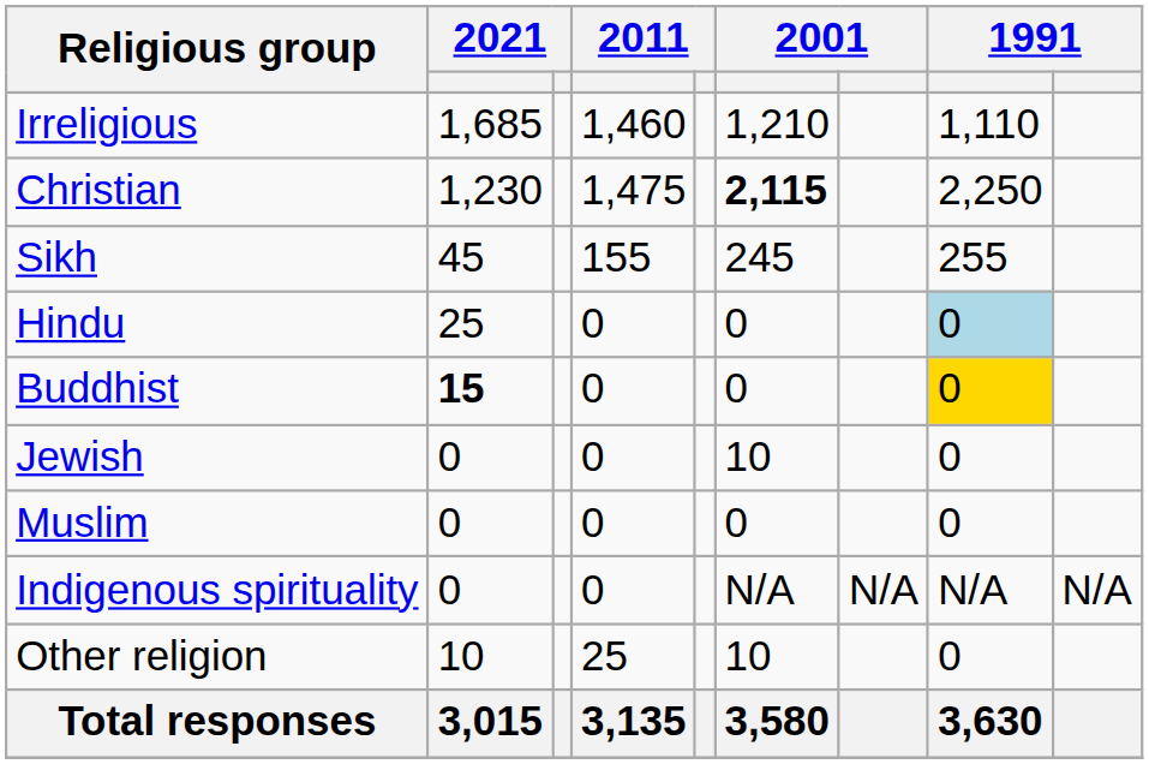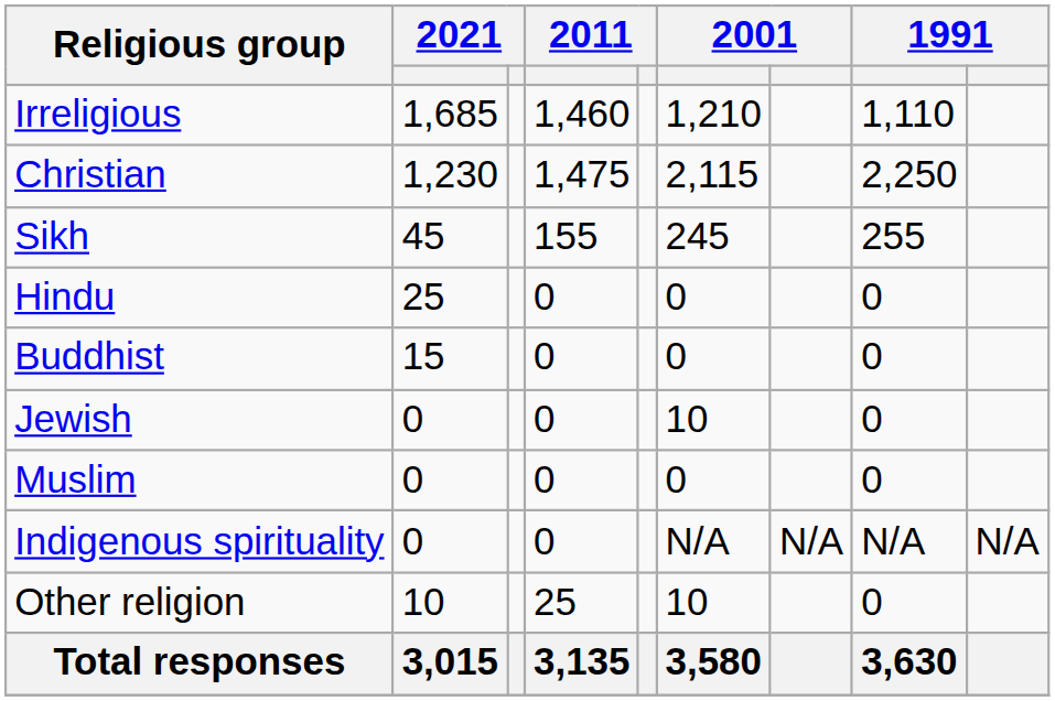 <table class="wikitable collapsible sortable">
 <tr>
 <th rowspan="2">Religious group</th>
 <th colspan="2"><a href='#'>2021</a></th>
 <th colspan="2"><a href='#'>2011</a></th>
 <th colspan="2"><a href='#'>2001</a></th>
 <th colspan="2"><a href='#'>1991</a></th>
 </tr>
 <tr>
 <th><a href='#'></a></th>
 <th></th>
 <th></th>
 <th></th>
 <th></th>
 <th></th>
 <th></th>
 <th></th>
 </tr>
 <tr>
 <td><a href='#'>Irreligious</a></td>
 <td>1,685</td>
 <td></td>
 <td>1,460</td>
 <td></td>
 <td>1,210</td>
 <td></td>
 <td>1,110</td>
 <td></td>
 </tr>
 <tr>
 <td><a href='#'>Christian</a></td>
 <td>1,230</td>
 <td></td>
 <td>1,475</td>
 <td></td>
-<td><strong>2,115</strong></td>
+<td>2,115</td>
 <td></td>
 <td>2,250</td>
 <td></td>
 </tr>
 <tr>
 <td><a href='#'>Sikh</a></td>
 <td>45</td>
 <td></td>
 <td>155</td>
 <td></td>
 <td>245</td>
 <td></td>
 <td>255</td>
 <td></td>
 </tr>
 <tr>
 <td><a href='#'>Hindu</a></td>
 <td>25</td>
 <td></td>
 <td>0</td>
 <td></td>
 <td>0</td>
 <td></td>
-<td style="background: lightblue;">0</td>
+<td>0</td>
 <td></td>
 </tr>
 <tr>
 <td><a href='#'>Buddhist</a></td>
-<td><strong>15</strong></td>
+<td>15</td>
 <td></td>
 <td>0</td>
 <td></td>
 <td>0</td>
 <td></td>
-<td style="background: gold;">0</td>
+<td>0</td>
 <td></td>
 </tr>
 <tr>
 <td><a href='#'>Jewish</a></td>
 <td>0</td>
 <td></td>
 <td>0</td>
 <td></td>
 <td>10</td>
 <td></td>
 <td>0</td>
 <td></td>
 </tr>
 <tr>
 <td><a href='#'>Muslim</a></td>
 <td>0</td>
 <td></td>
 <td>0</td>
 <td></td>
 <td>0</td>
 <td></td>
 <td>0</td>
 <td></td>
 </tr>
 <tr>
 <td><a href='#'>Indigenous spirituality</a></td>
 <td>0</td>
 <td></td>
 <td>0</td>
 <td></td>
 <td>N/A</td>
 <td>N/A</td>
 <td>N/A</td>
 <td>N/A</td>
 </tr>
 <tr>
 <td>Other religion</td>
 <td>10</td>
 <td></td>
 <td>25</td>
 <td></td>
 <td>10</td>
 <td></td>
 <td>0</td>
 <td></td>
 </tr>
 <tr class="sortbottom">
 <th>Total responses</th>
 <th>3,015</th>
 <th></th>
 <th>3,135</th>
 <th></th>
 <th>3,580</th>
 <th></th>
 <th>3,630</th>
 <th></th>
 </tr>
 <tr>
 </tr>
 </table>
